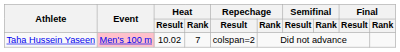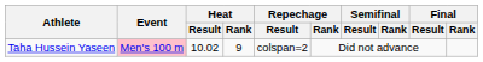 <table class="wikitable" style="font-size:90%">
 <tr>
 <th rowspan="2">Athlete</th>
 <th rowspan="2">Event</th>
 <th colspan="2">Heat</th>
 <th colspan="2">Repechage</th>
 <th colspan="2">Semifinal</th>
 <th colspan="2">Final</th>
 </tr>
 <tr style="font-size:95%">
 <th>Result</th>
 <th>Rank</th>
 <th>Result</th>
 <th>Rank</th>
 <th>Result</th>
 <th>Rank</th>
 <th>Result</th>
 <th>Rank</th>
 </tr>
 <tr align=center>
 <td align=left><a href='#'>Taha Hussein Yaseen</a></td>
 <td align=left style="background: pink;"><a href='#'>Men's 100 m</a></td>
 <td>10.02 </td>
-<td>7</td>
+<td>9</td>
 <td>colspan=2 </td>
 <td colspan="4">Did not advance</td>
 </tr>
 </table>
